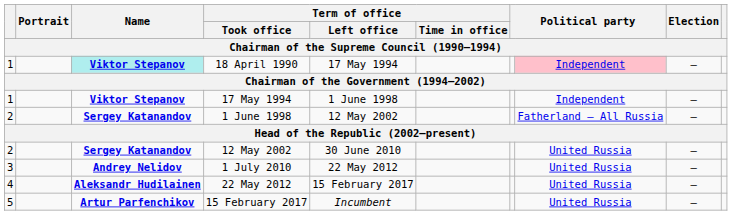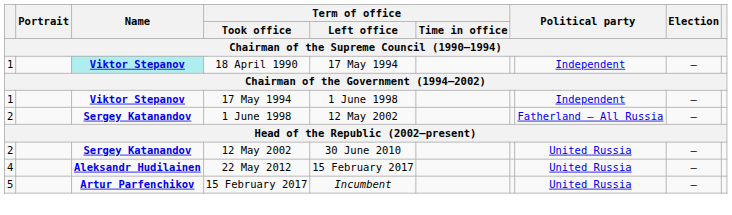 <table class="wikitable" style="text-align:center">
 <tr>
 <th rowspan=2></th>
 <th rowspan=2>Portrait</th>
 <th rowspan=2>Name<br></th>
 <th colspan=3>Term of office</th>
 <th colspan=2 rowspan=2>Political party</th>
 <th rowspan=2>Election</th>
 <th rowspan=2></th>
 </tr>
 <tr>
 <th>Took office</th>
 <th>Left office</th>
 <th>Time in office</th>
 </tr>
 <tr>
 <th colspan=10>Chairman of the Supreme Council (1990–1994)</th>
 </tr>
 <tr>
 <td>1</td>
 <td></td>
 <td style="background: paleturquoise;"><strong><a href='#'>Viktor Stepanov</a></strong><br></td>
 <td>18 April 1990</td>
 <td>17 May 1994</td>
 <td></td>
 <td style="background: "></td>
-<td style="background: pink;"><a href='#'>Independent</a></td>
+<td><a href='#'>Independent</a></td>
 <td>–</td>
 <td></td>
 </tr>
 <tr>
 <th colspan=10>Chairman of the Government (1994–2002)</th>
 </tr>
 <tr>
 <td>1</td>
 <td></td>
 <td><strong><a href='#'>Viktor Stepanov</a></strong><br></td>
 <td>17 May 1994</td>
 <td>1 June 1998</td>
 <td></td>
 <td style="background: "></td>
 <td><a href='#'>Independent</a></td>
 <td>–</td>
 <td></td>
 </tr>
 <tr>
 <td>2</td>
 <td></td>
 <td><strong><a href='#'>Sergey Katanandov</a></strong><br></td>
 <td>1 June 1998</td>
 <td>12 May 2002</td>
 <td></td>
 <td style="background: "></td>
 <td><a href='#'>Fatherland – All Russia</a></td>
 <td>–</td>
 <td></td>
 </tr>
 <tr>
 <th colspan=10>Head of the Republic (2002–present)</th>
 </tr>
 <tr>
 <td>2</td>
 <td></td>
 <td><strong><a href='#'>Sergey Katanandov</a></strong><br></td>
 <td>12 May 2002</td>
 <td>30 June 2010</td>
 <td></td>
 <td style="background: "></td>
 <td><a href='#'>United Russia</a></td>
 <td>–</td>
 <td></td>
 </tr>
 <tr>
-<td>3</td>
-<td></td>
-<td><strong><a href='#'>Andrey Nelidov</a></strong><br></td>
-<td>1 July 2010</td>
-<td>22 May 2012</td>
-<td></td>
-<td style="background: "></td>
-<td><a href='#'>United Russia</a></td>
-<td>–</td>
-<td></td>
-</tr>
-<tr>
 <td>4</td>
 <td></td>
 <td><strong><a href='#'>Aleksandr Hudilainen</a></strong><br></td>
 <td>22 May 2012</td>
 <td>15 February 2017</td>
 <td></td>
 <td style="background: "></td>
 <td><a href='#'>United Russia</a></td>
 <td>–</td>
 <td></td>
 </tr>
 <tr>
 <td>5</td>
 <td></td>
 <td><strong><a href='#'>Artur Parfenchikov</a></strong><br></td>
 <td>15 February 2017</td>
 <td><em>Incumbent</em></td>
 <td></td>
 <td style="background: "></td>
 <td><a href='#'>United Russia</a></td>
 <td>–</td>
 <td></td>
 </tr>
 </table>
